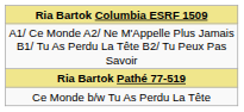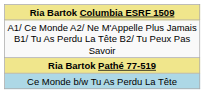 <table class="wikitable floatright" style="text-align: center; font-size: 80%; width: 265px">
 <tr>
 <th style="background: #F0E68C">Ria Bartok <u>Columbia ESRF 1509</u></th>
 </tr>
 <tr>
 <td>A1/ Ce Monde  A2/ Ne M'Appelle Plus Jamais<br>B1/ Tu As Perdu La Tête  B2/ Tu Peux Pas Savoir</td>
 </tr>
 <tr>
 <th style="background: #F0E68C">Ria Bartok <strong><u>Pathé 77-519</u></strong></th>
 </tr>
 <tr>
-<td>Ce Monde b/w Tu As Perdu La Tête</td>
+<td style="background: lightblue;">Ce Monde b/w Tu As Perdu La Tête</td>
 </tr>
 </table>
